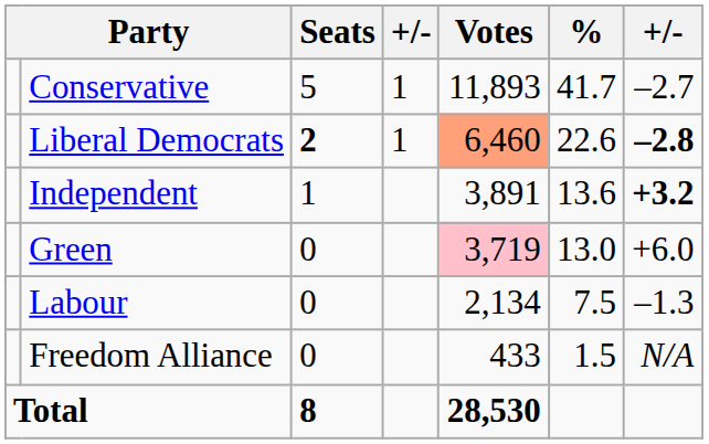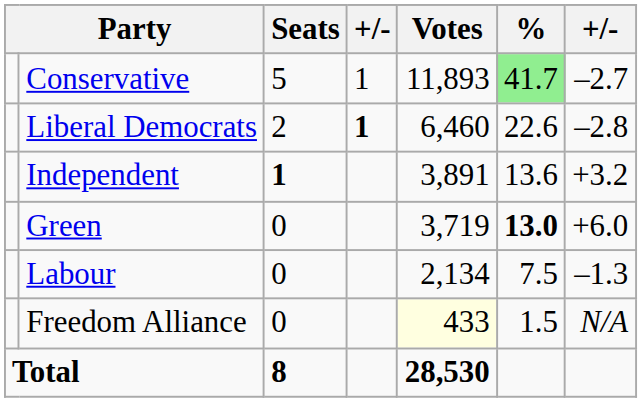 <table class="wikitable sortable">
 <tr>
 <th colspan="2">Party</th>
 <th>Seats</th>
 <th>+/-</th>
 <th>Votes</th>
 <th>%</th>
 <th>+/-</th>
 </tr>
 <tr>
 <td style="background-color: "></td>
 <td><a href='#'>Conservative</a></td>
 <td>5</td>
 <td> 1</td>
 <td style="text-align:right;">11,893</td>
-<td style="text-align:right;">41.7</td>
+<td style="background: lightgreen; text-align:right;">41.7</td>
 <td style="text-align:right;">–2.7</td>
 </tr>
 <tr>
 <td style="background-color: "></td>
 <td><a href='#'>Liberal Democrats</a></td>
-<td><strong>2</strong></td>
-<td> 1</td>
-<td style="background: lightsalmon; text-align:right;">6,460</td>
+<td>2</td>
+<td><strong> 1</strong></td>
+<td style="text-align:right;">6,460</td>
 <td style="text-align:right;">22.6</td>
-<td style="text-align:right;"><strong>–2.8</strong></td>
+<td style="text-align:right;">–2.8</td>
 </tr>
 <tr>
 <td style="background-color: "></td>
 <td><a href='#'>Independent</a></td>
-<td>1</td>
+<td><strong>1</strong></td>
 <td></td>
 <td style="text-align:right;">3,891</td>
 <td style="text-align:right;">13.6</td>
-<td style="text-align:right;"><strong>+3.2</strong></td>
+<td style="text-align:right;">+3.2</td>
 </tr>
 <tr>
 <td style="background-color: "></td>
 <td><a href='#'>Green</a></td>
 <td>0</td>
 <td></td>
-<td style="background: pink; text-align:right;">3,719</td>
-<td style="text-align:right;">13.0</td>
+<td style="text-align:right;">3,719</td>
+<td style="text-align:right;"><strong>13.0</strong></td>
 <td style="text-align:right;">+6.0</td>
 </tr>
 <tr>
 <td style="background-color: "></td>
 <td><a href='#'>Labour</a></td>
 <td>0</td>
 <td></td>
 <td style="text-align:right;">2,134</td>
 <td style="text-align:right;">7.5</td>
 <td style="text-align:right;">–1.3</td>
 </tr>
 <tr>
 <td style="background-color: "></td>
 <td>Freedom Alliance</td>
 <td>0</td>
 <td></td>
-<td style="text-align:right;">433</td>
+<td style="background: lightyellow; text-align:right;">433</td>
 <td style="text-align:right;">1.5</td>
 <td style="text-align:right;"><em>N/A</em></td>
 </tr>
 <tr>
 <td colspan="2"><strong>Total</strong></td>
 <td><strong>8</strong></td>
 <td></td>
 <td style="text-align:right;"><strong>28,530</strong></td>
 <td style="text-align:right;"></td>
 <td style="text-align:right;"></td>
 </tr>
 </table>
